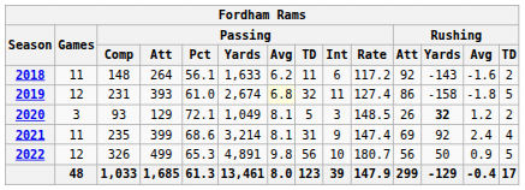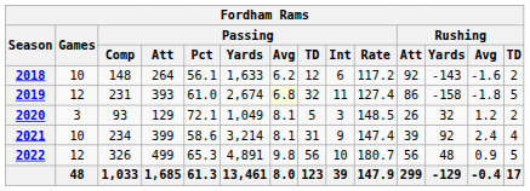 <table class="wikitable" style="text-align:center;">
 <tr>
 <th colspan="16">Fordham Rams</th>
 </tr>
 <tr>
 <th rowspan="2">Season</th>
 <th rowspan="2">Games</th>
 <th colspan="8">Passing</th>
 <th colspan="4">Rushing</th>
 </tr>
 <tr>
 <th>Comp</th>
 <th>Att</th>
 <th>Pct</th>
 <th>Yards</th>
 <th>Avg</th>
 <th>TD</th>
 <th>Int</th>
 <th>Rate</th>
 <th>Att</th>
 <th>Yards</th>
 <th>Avg</th>
 <th>TD</th>
 </tr>
 <tr>
 <th><a href='#'>2018</a></th>
-<td>11</td>
+<td>10</td>
 <td>148</td>
 <td>264</td>
 <td>56.1</td>
 <td>1,633</td>
 <td>6.2</td>
-<td>11</td>
+<td>12</td>
 <td>6</td>
 <td>117.2</td>
 <td>92</td>
 <td>-143</td>
 <td>-1.6</td>
 <td>2</td>
 </tr>
 <tr>
 <th><a href='#'>2019</a></th>
 <td>12</td>
 <td>231</td>
 <td>393</td>
 <td>61.0</td>
 <td>2,674</td>
 <td style="background: lightyellow;">6.8</td>
 <td>32</td>
 <td>11</td>
 <td>127.4</td>
 <td>86</td>
 <td>-158</td>
 <td>-1.8</td>
 <td>5</td>
 </tr>
 <tr>
 <th><a href='#'>2020</a></th>
 <td>3</td>
 <td>93</td>
 <td>129</td>
 <td>72.1</td>
 <td>1,049</td>
 <td>8.1</td>
 <td>5</td>
 <td>3</td>
 <td>148.5</td>
 <td>26</td>
-<td><strong>32</strong></td>
+<td>32</td>
 <td>1.2</td>
 <td>2</td>
 </tr>
 <tr>
 <th><a href='#'>2021</a></th>
-<td>11</td>
-<td>235</td>
+<td>10</td>
+<td>234</td>
 <td>399</td>
-<td>68.6</td>
+<td>58.6</td>
 <td>3,214</td>
 <td>8.1</td>
 <td>31</td>
 <td>9</td>
 <td>147.4</td>
-<td>69</td>
+<td>39</td>
 <td>92</td>
 <td>2.4</td>
 <td>4</td>
 </tr>
 <tr>
 <th><a href='#'>2022</a></th>
 <td>12</td>
 <td>326</td>
 <td>499</td>
 <td>65.3</td>
 <td>4,891</td>
 <td>9.8</td>
 <td>56</td>
 <td>10</td>
 <td>180.7</td>
 <td>56</td>
-<td>50</td>
+<td>48</td>
 <td>0.9</td>
 <td>5</td>
 </tr>
 <tr>
 <th></th>
 <th>48</th>
 <th>1,033</th>
 <th>1,685</th>
 <th>61.3</th>
 <th>13,461</th>
 <th>8.0</th>
 <th>123</th>
 <th>39</th>
 <th>147.9</th>
 <th>299</th>
 <th>-129</th>
 <th>-0.4</th>
 <th>17</th>
 </tr>
 </table>
